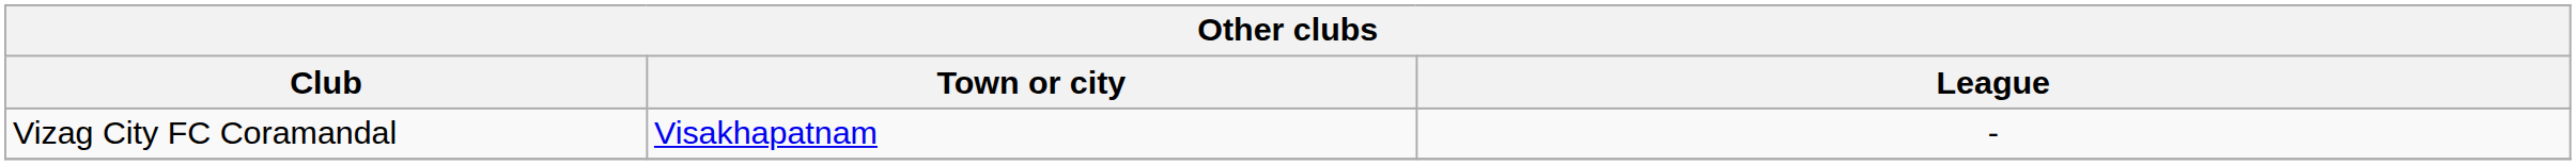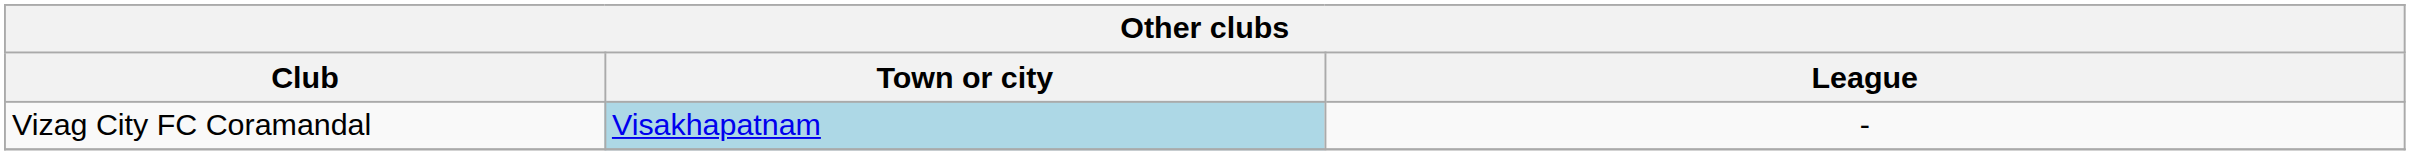 <table class="wikitable sortable" width="100%">
 <tr>
 <th colspan="3">Other clubs</th>
 </tr>
 <tr>
 <th !width="25%">Club</th>
 <th width="30%">Town or city</th>
 <th width="45%">League</th>
 </tr>
 <tr>
 <td>Vizag City FC Coramandal</td>
-<td><a href='#'>Visakhapatnam</a></td>
+<td style="background: lightblue;"><a href='#'>Visakhapatnam</a></td>
 <td align="center">-</td>
 </tr>
 <tr>
 </tr>
 </table>
